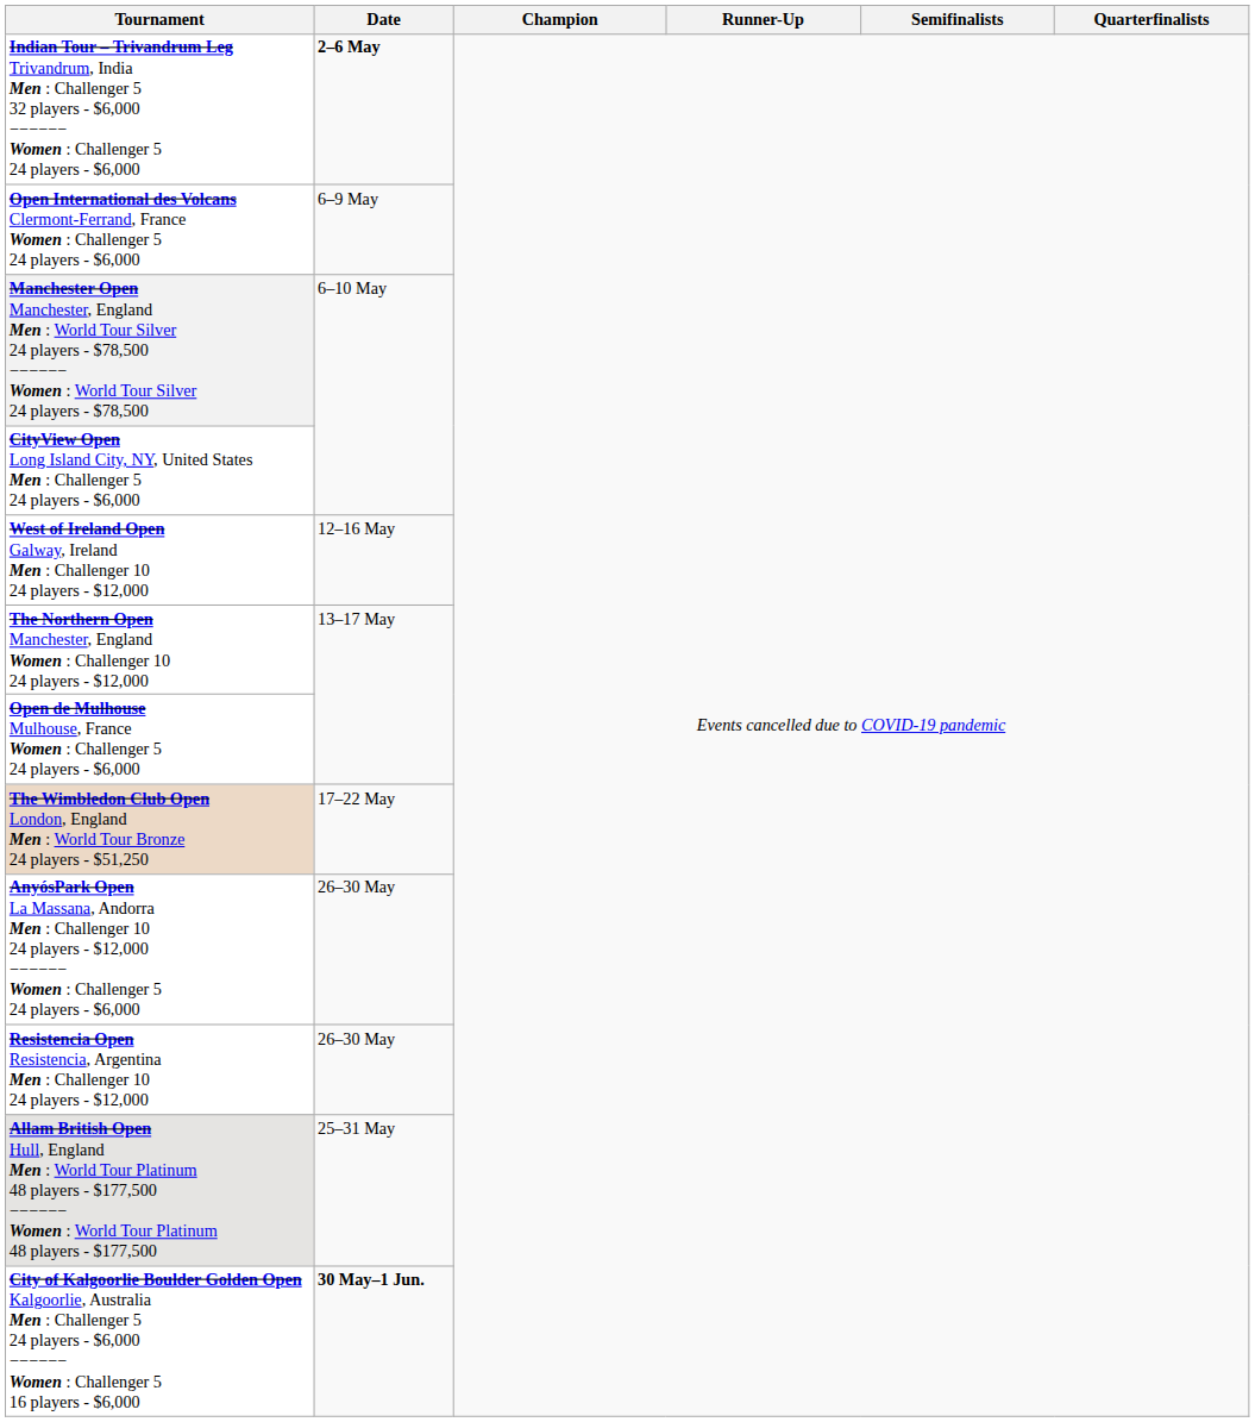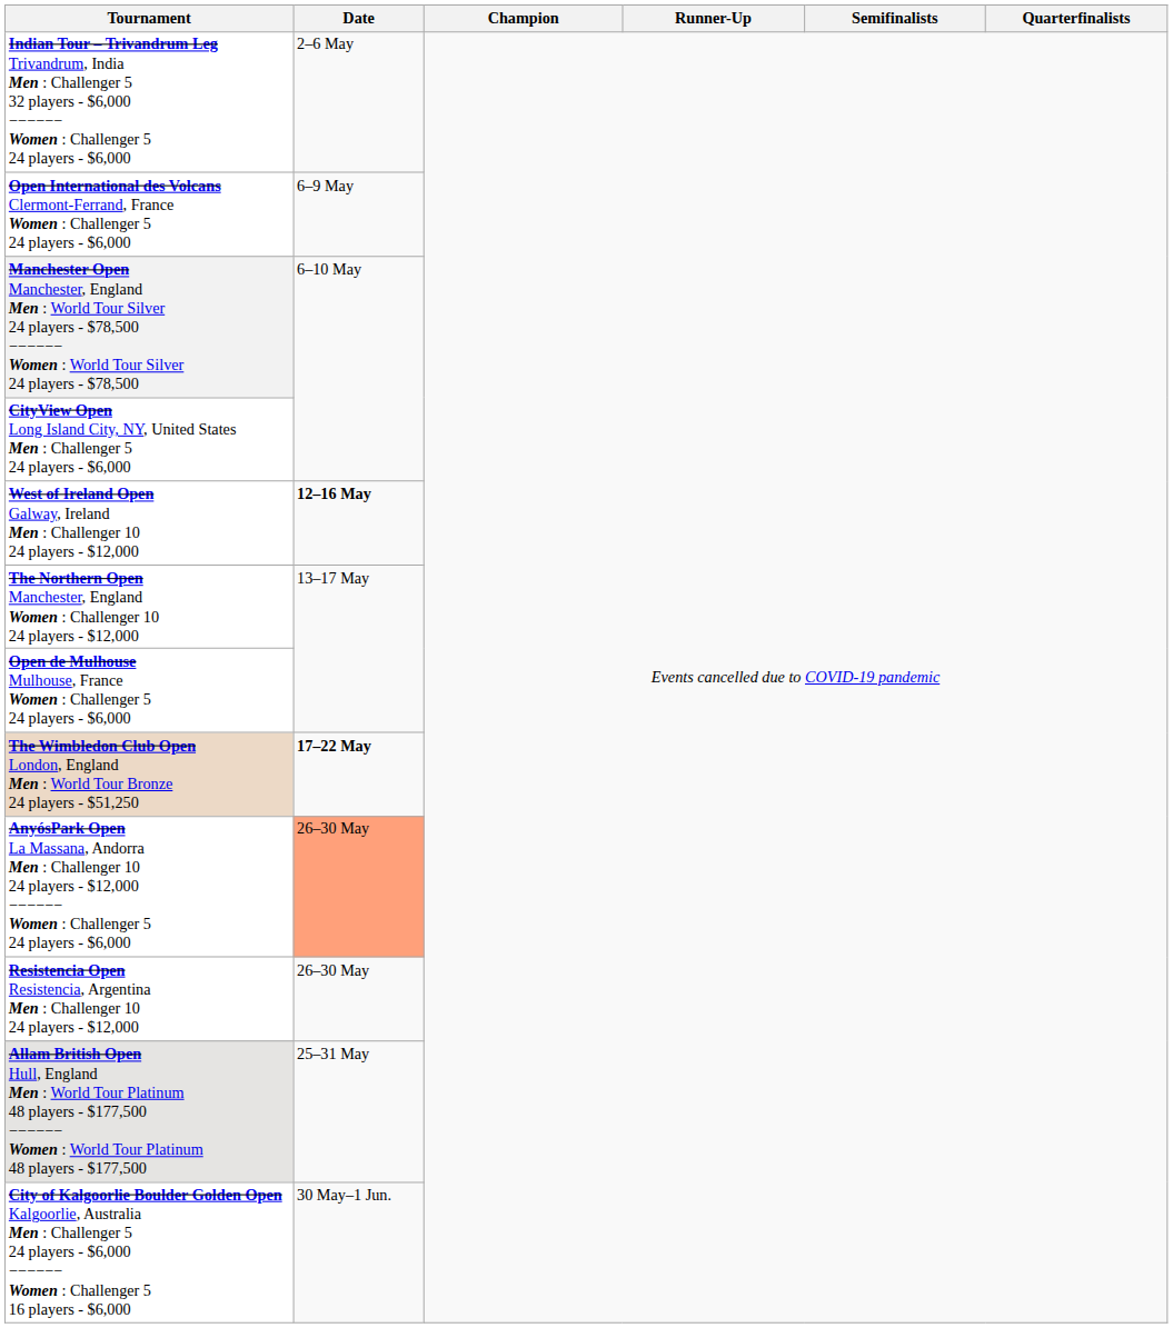 <table class="wikitable" style="font-size:88%">
 <tr>
 <th width=250>Tournament</th>
 <th width=110>Date</th>
 <th width=170>Champion</th>
 <th width=155>Runner-Up</th>
 <th width=155>Semifinalists</th>
 <th width=155>Quarterfinalists</th>
 </tr>
 <tr valign=top>
 <td rowspan=1 style="background:#fff;"><strong><s><a href='#'>  Indian Tour – Trivandrum Leg</a></s></strong><br> <a href='#'>Trivandrum</a>, India<br><strong> <em>Men</em> </strong>: Challenger 5<br>32 players - $6,000<br>−−−−−−<br><strong> <em>Women</em> </strong>: Challenger 5<br>24 players - $6,000</td>
-<td rowspan=1><strong>2–6 May</strong></td>
+<td rowspan=1>2–6 May</td>
 <td colspan="4" rowspan="12" style="vertical-align:middle; text-align:center;"><em>Events cancelled due to <a href='#'>COVID-19 pandemic</a></em></td>
 </tr>
 <tr valign=top>
 <td style="background:#fff;"><strong><s><a href='#'>Open International des Volcans</a></s></strong><br> <a href='#'>Clermont-Ferrand</a>, France<br><strong> <em>Women</em> </strong>: Challenger 5<br>24 players - $6,000</td>
 <td>6–9 May</td>
 </tr>
 <tr valign=top>
 <td rowspan=1 style="background:#f2f2f2;"><strong><s><a href='#'>Manchester Open</a></s></strong><br> <a href='#'>Manchester</a>, England<br><strong> <em>Men</em> </strong>: <a href='#'>World Tour Silver</a><br>24 players - $78,500<br>−−−−−−<br><strong> <em>Women</em> </strong>: <a href='#'>World Tour Silver</a><br>24 players - $78,500</td>
 <td rowspan=2>6–10 May</td>
 </tr>
 <tr valign=top>
 <td style="background:#fff;"><strong><s><a href='#'>CityView Open</a></s></strong><br> <a href='#'>Long Island City, NY</a>, United States<br><strong> <em>Men</em> </strong>: Challenger 5<br>24 players - $6,000</td>
 </tr>
 <tr valign=top>
 <td style="background:#fff;"><strong><s><a href='#'>West of Ireland Open</a></s></strong><br> <a href='#'>Galway</a>, Ireland<br><strong> <em>Men</em> </strong>: Challenger 10<br>24 players - $12,000</td>
-<td rowspan=1>12–16 May</td>
+<td rowspan=1><strong>12–16 May</strong></td>
 </tr>
 <tr valign=top>
 <td style="background:#fff;"><strong><s><a href='#'>The Northern Open</a></s></strong><br> <a href='#'>Manchester</a>, England<br><strong> <em>Women</em> </strong>: Challenger 10<br>24 players - $12,000</td>
 <td rowspan=2>13–17 May</td>
 </tr>
 <tr valign=top>
 <td style="background:#fff;"><strong><s><a href='#'>Open de Mulhouse</a></s></strong><br> <a href='#'>Mulhouse</a>, France<br><strong> <em>Women</em> </strong>: Challenger 5<br>24 players - $6,000</td>
 </tr>
 <tr valign=top>
 <td style="background:#ecd9c6;"><strong><s><a href='#'>The Wimbledon Club Open</a></s></strong><br> <a href='#'>London</a>, England<br><strong> <em>Men</em> </strong>: <a href='#'>World Tour Bronze</a><br>24 players - $51,250</td>
-<td>17–22 May</td>
+<td><strong>17–22 May</strong></td>
 </tr>
 <tr valign=top>
 <td rowspan=1 style="background:#fff;"><strong><s><a href='#'>AnyósPark Open</a></s></strong><br> <a href='#'>La Massana</a>, Andorra<br><strong> <em>Men</em> </strong>: Challenger 10<br>24 players - $12,000<br>−−−−−−<br><strong> <em>Women</em> </strong>: Challenger 5<br>24 players - $6,000</td>
-<td rowspan=1>26–30 May</td>
+<td rowspan=1 style="background: lightsalmon;">26–30 May</td>
 </tr>
 <tr valign=top>
 <td style="background:#fff;"><strong><s><a href='#'>Resistencia Open</a></s></strong><br> <a href='#'>Resistencia</a>, Argentina<br><strong> <em>Men</em> </strong>: Challenger 10<br>24 players - $12,000</td>
 <td>26–30 May</td>
 </tr>
 <tr valign=top>
 <td rowspan=1 style="background:#E5E4E2;"><strong><s><a href='#'>Allam British Open</a></s></strong><br> <a href='#'>Hull</a>, England<br><strong> <em>Men</em> </strong>: <a href='#'>World Tour Platinum</a><br>48 players - $177,500<br>−−−−−−<br><strong> <em>Women</em> </strong>: <a href='#'>World Tour Platinum</a><br>48 players - $177,500</td>
 <td rowspan=1>25–31 May</td>
 </tr>
 <tr valign=top>
 <td rowspan=1 style="background:#fff;"><strong><s><a href='#'>City of Kalgoorlie Boulder Golden Open</a></s></strong><br> <a href='#'>Kalgoorlie</a>, Australia<br><strong> <em>Men</em> </strong>: Challenger 5<br>24 players - $6,000<br>−−−−−−<br><strong> <em>Women</em> </strong>: Challenger 5<br>16 players - $6,000</td>
-<td rowspan=1><strong>30 May–1 Jun.</strong></td>
+<td rowspan=1>30 May–1 Jun.</td>
 </tr>
 </table>
